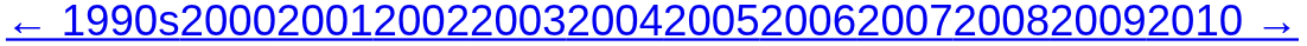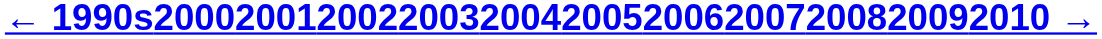 <table id="toc" class="toc" summary="Contents">
 <tr>
 <th></th>
 </tr>
 <tr>
-<td align="center"><a href='#'>← 1990s</a><a href='#'>2000</a><a href='#'>2001</a><a href='#'>2002</a><a href='#'>2003</a><a href='#'>2004</a><a href='#'>2005</a><a href='#'>2006</a><a href='#'>2007</a><a href='#'>2008</a><a href='#'>2009</a><a href='#'>2010 →</a></td>
+<td align="center"><strong><a href='#'>← 1990s</a><a href='#'>2000</a><a href='#'>2001</a><a href='#'>2002</a><a href='#'>2003</a><a href='#'>2004</a><a href='#'>2005</a><a href='#'>2006</a><a href='#'>2007</a><a href='#'>2008</a><a href='#'>2009</a><a href='#'>2010 →</a></strong></td>
 </tr>
 </table>
